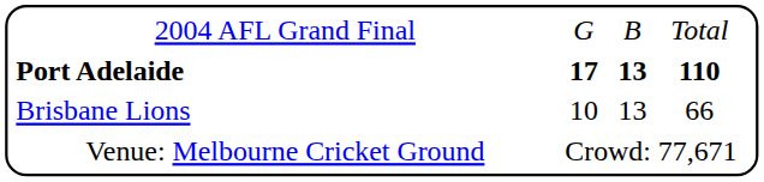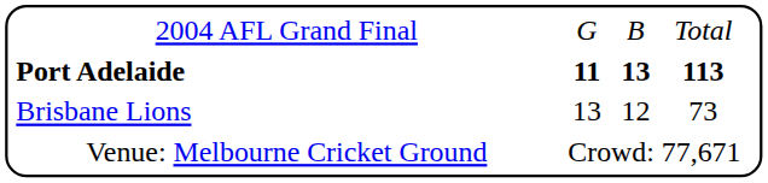 <table style="margin-right:4px; float:right; border:1px #000 solid; border-radius:8px; background:#fff; font-family:Verdana; font-size:8pt; text-align:center;">
 <tr>
 <td width=200><a href='#'>2004 AFL Grand Final</a></td>
 <td><em>G</em></td>
 <td><em>B</em></td>
 <td><em>Total</em></td>
 </tr>
 <tr>
 <td style="text-align:left"><strong>Port Adelaide</strong></td>
-<td><strong>17</strong></td>
+<td><strong>11</strong></td>
 <td><strong>13</strong></td>
-<td><strong>110</strong></td>
+<td><strong>113</strong></td>
 </tr>
 <tr>
 <td style="text-align:left"><a href='#'>Brisbane Lions</a></td>
-<td>10</td>
 <td>13</td>
-<td>66</td>
+<td>12</td>
+<td>73</td>
 </tr>
 <tr>
 <td>Venue: <a href='#'>Melbourne Cricket Ground</a></td>
 <td colspan=3>Crowd: 77,671</td>
 <td colspan=3></td>
 </tr>
 </table>
